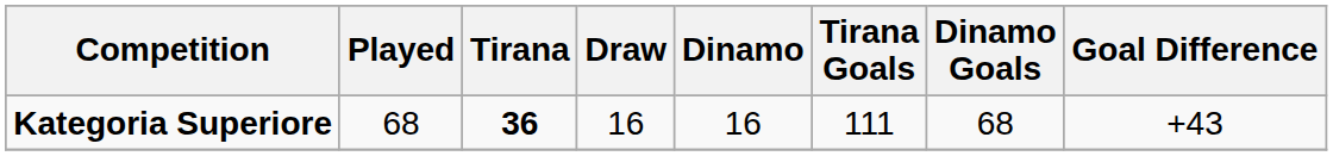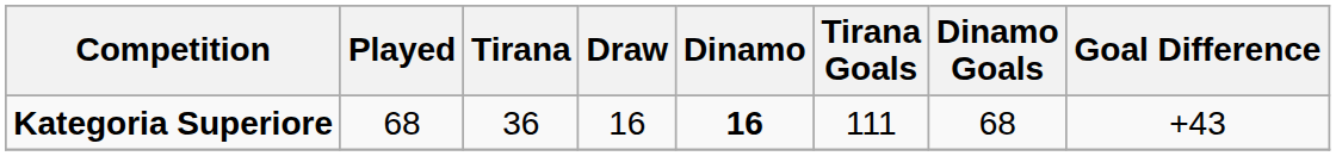 <table class=wikitable style="text-align:center">
 <tr>
 <th>Competition</th>
 <th>Played</th>
 <th>Tirana</th>
 <th>Draw</th>
 <th>Dinamo</th>
 <th>Tirana <br> Goals</th>
 <th>Dinamo <br> Goals</th>
 <th>Goal Difference</th>
 </tr>
 <tr>
 <td><strong>Kategoria Superiore</strong></td>
 <td>68</td>
-<td><strong>36</strong></td>
+<td>36</td>
 <td>16</td>
-<td>16</td>
+<td><strong>16</strong></td>
 <td>111</td>
 <td>68</td>
 <td>+43</td>
 </tr>
 <tr>
 </tr>
 </table>
